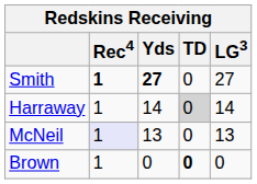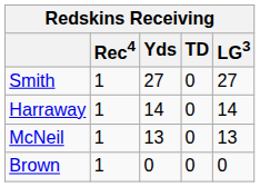 <table class="wikitable">
 <tr>
 <th colspan="5">Redskins Receiving</th>
 </tr>
 <tr>
 <th></th>
 <th>Rec<sup>4</sup></th>
 <th>Yds</th>
 <th>TD</th>
 <th>LG<sup>3</sup></th>
 </tr>
 <tr>
 <td><a href='#'>Smith</a></td>
-<td><strong>1</strong></td>
-<td><strong>27</strong></td>
+<td>1</td>
+<td>27</td>
 <td>0</td>
 <td>27</td>
 </tr>
 <tr>
 <td><a href='#'>Harraway</a></td>
 <td>1</td>
 <td>14</td>
-<td style="background: lightgrey;">0</td>
+<td>0</td>
 <td>14</td>
 </tr>
 <tr>
 <td><a href='#'>McNeil</a></td>
-<td style="background: lavender;">1</td>
+<td>1</td>
 <td>13</td>
 <td>0</td>
 <td>13</td>
 </tr>
 <tr>
 <td><a href='#'>Brown</a></td>
 <td>1</td>
 <td>0</td>
-<td><strong>0</strong></td>
+<td>0</td>
 <td>0</td>
 </tr>
 </table>
